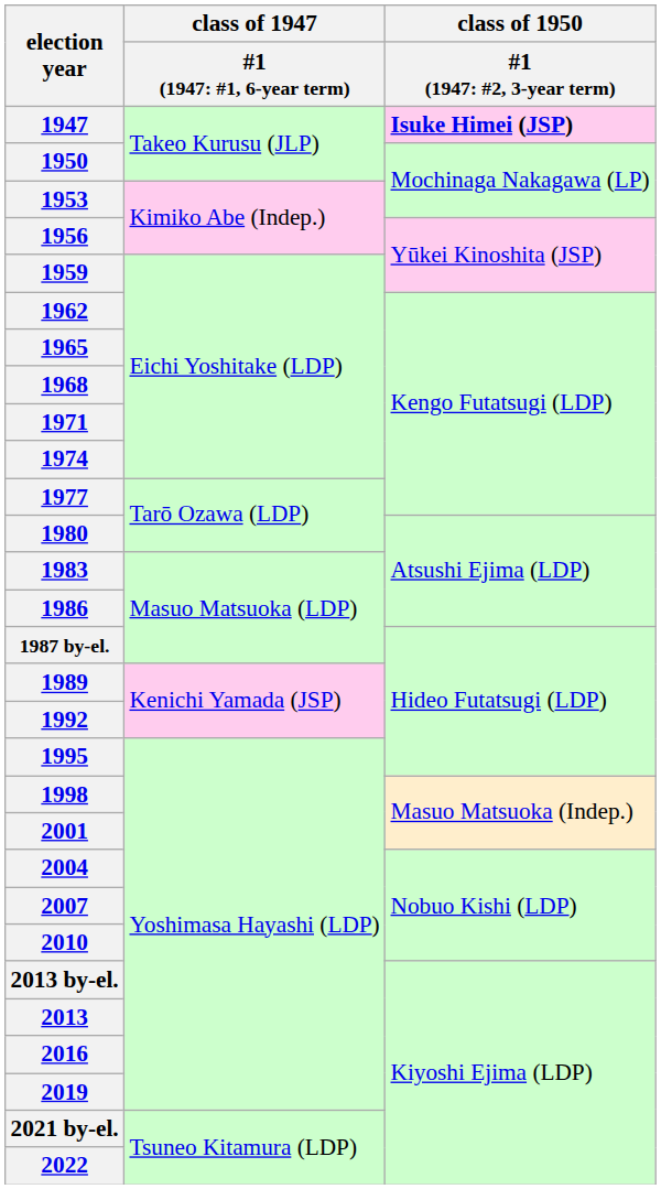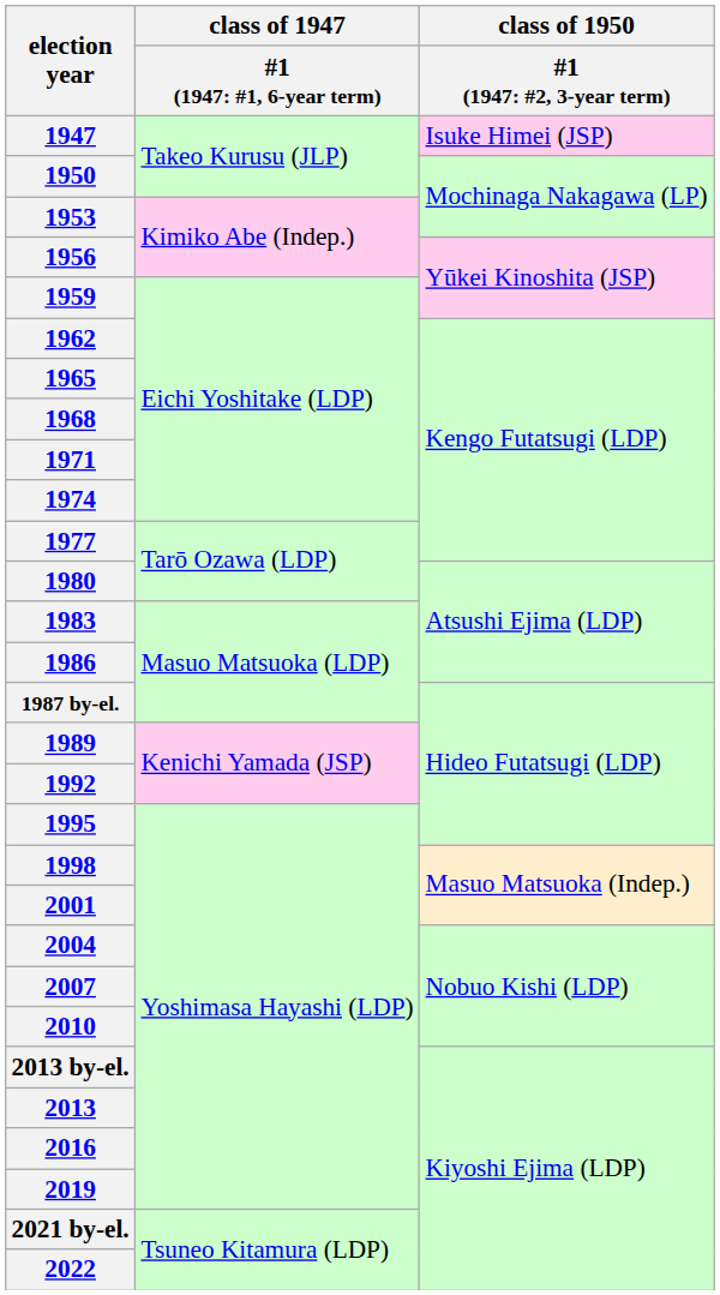 <table class="wikitable" border="1">
 <tr>
 <th rowspan="2">election<br>year</th>
 <th>class of 1947</th>
 <th>class of 1950</th>
 </tr>
 <tr>
 <th>#1<br><small>(1947: #1, 6-year term)</small></th>
 <th>#1<br><small>(1947: #2, 3-year term)</small></th>
 </tr>
 <tr>
 <th><a href='#'>1947</a></th>
 <td rowspan="2" bgcolor="#CCFFCC"><a href='#'>Takeo Kurusu</a> (<a href='#'>JLP</a>)</td>
-<td bgcolor="#FFCCEE"><strong><a href='#'>Isuke Himei</a> (<a href='#'>JSP</a>)</strong></td>
+<td bgcolor="#FFCCEE"><a href='#'>Isuke Himei</a> (<a href='#'>JSP</a>)</td>
 </tr>
 <tr>
 <th><a href='#'>1950</a></th>
 <td rowspan="2" bgcolor="#CCFFCC"><a href='#'>Mochinaga Nakagawa</a> (<a href='#'>LP</a>)</td>
 </tr>
 <tr>
 <th><a href='#'>1953</a></th>
 <td rowspan="2" bgcolor="#FFCCEE"><a href='#'>Kimiko Abe</a> (Indep.)</td>
 </tr>
 <tr>
 <th><a href='#'>1956</a></th>
 <td rowspan="2" bgcolor="#FFCCEE"><a href='#'>Yūkei Kinoshita</a> (<a href='#'>JSP</a>)</td>
 </tr>
 <tr>
 <th><a href='#'>1959</a></th>
 <td rowspan="6" bgcolor="#CCFFCC"><a href='#'>Eichi Yoshitake</a> (<a href='#'>LDP</a>)</td>
 </tr>
 <tr>
 <th><a href='#'>1962</a></th>
 <td rowspan="6" bgcolor="#CCFFCC"><a href='#'>Kengo Futatsugi</a> (<a href='#'>LDP</a>)</td>
 </tr>
 <tr>
 <th><a href='#'>1965</a></th>
 </tr>
 <tr>
 <th><a href='#'>1968</a></th>
 </tr>
 <tr>
 <th><a href='#'>1971</a></th>
 </tr>
 <tr>
 <th><a href='#'>1974</a></th>
 </tr>
 <tr>
 <th><a href='#'>1977</a></th>
 <td rowspan="2"  bgcolor="#CCFFCC"><a href='#'>Tarō Ozawa</a> (<a href='#'>LDP</a>)</td>
 </tr>
 <tr>
 <th><a href='#'>1980</a></th>
 <td rowspan="3"  bgcolor="#CCFFCC"><a href='#'>Atsushi Ejima</a> (<a href='#'>LDP</a>)</td>
 </tr>
 <tr>
 <th><a href='#'>1983</a></th>
 <td rowspan="3"  bgcolor="#CCFFCC"><a href='#'>Masuo Matsuoka</a> (<a href='#'>LDP</a>)</td>
 </tr>
 <tr>
 <th><a href='#'>1986</a></th>
 </tr>
 <tr>
 <th><small>1987 by-el.</small></th>
 <td rowspan="4" bgcolor="#CCFFCC"><a href='#'>Hideo Futatsugi</a> (<a href='#'>LDP</a>)</td>
 </tr>
 <tr>
 <th><a href='#'>1989</a></th>
 <td rowspan="2" bgcolor="#FFCCEE"><a href='#'>Kenichi Yamada</a> (<a href='#'>JSP</a>)</td>
 </tr>
 <tr>
 <th><a href='#'>1992</a></th>
 </tr>
 <tr>
 <th><a href='#'>1995</a></th>
 <td rowspan="10" bgcolor="#CCFFCC"><a href='#'>Yoshimasa Hayashi</a> (<a href='#'>LDP</a>)</td>
 </tr>
 <tr>
 <th><a href='#'>1998</a></th>
 <td rowspan="2" bgcolor="#FFEECC"><a href='#'>Masuo Matsuoka</a> (Indep.)</td>
 </tr>
 <tr>
 <th><a href='#'>2001</a></th>
 </tr>
 <tr>
 <th><a href='#'>2004</a></th>
 <td rowspan="3" bgcolor="#CCFFCC"><a href='#'>Nobuo Kishi</a> (<a href='#'>LDP</a>)</td>
 </tr>
 <tr>
 <th><a href='#'>2007</a></th>
 </tr>
 <tr>
 <th><a href='#'>2010</a></th>
 </tr>
 <tr>
 <th>2013 by-el.</th>
 <td rowspan="6" bgcolor="#CCFFCC"><a href='#'>Kiyoshi Ejima</a> (LDP)</td>
 </tr>
 <tr>
 <th><a href='#'>2013</a></th>
 </tr>
 <tr>
 <th><a href='#'>2016</a></th>
 </tr>
 <tr>
 <th><a href='#'>2019</a></th>
 </tr>
 <tr>
 <th>2021 by-el.</th>
 <td rowspan="2" bgcolor="#CCFFCC"><a href='#'>Tsuneo Kitamura</a> (LDP)</td>
 </tr>
 <tr>
 <th><a href='#'>2022</a></th>
 </tr>
 </table>
